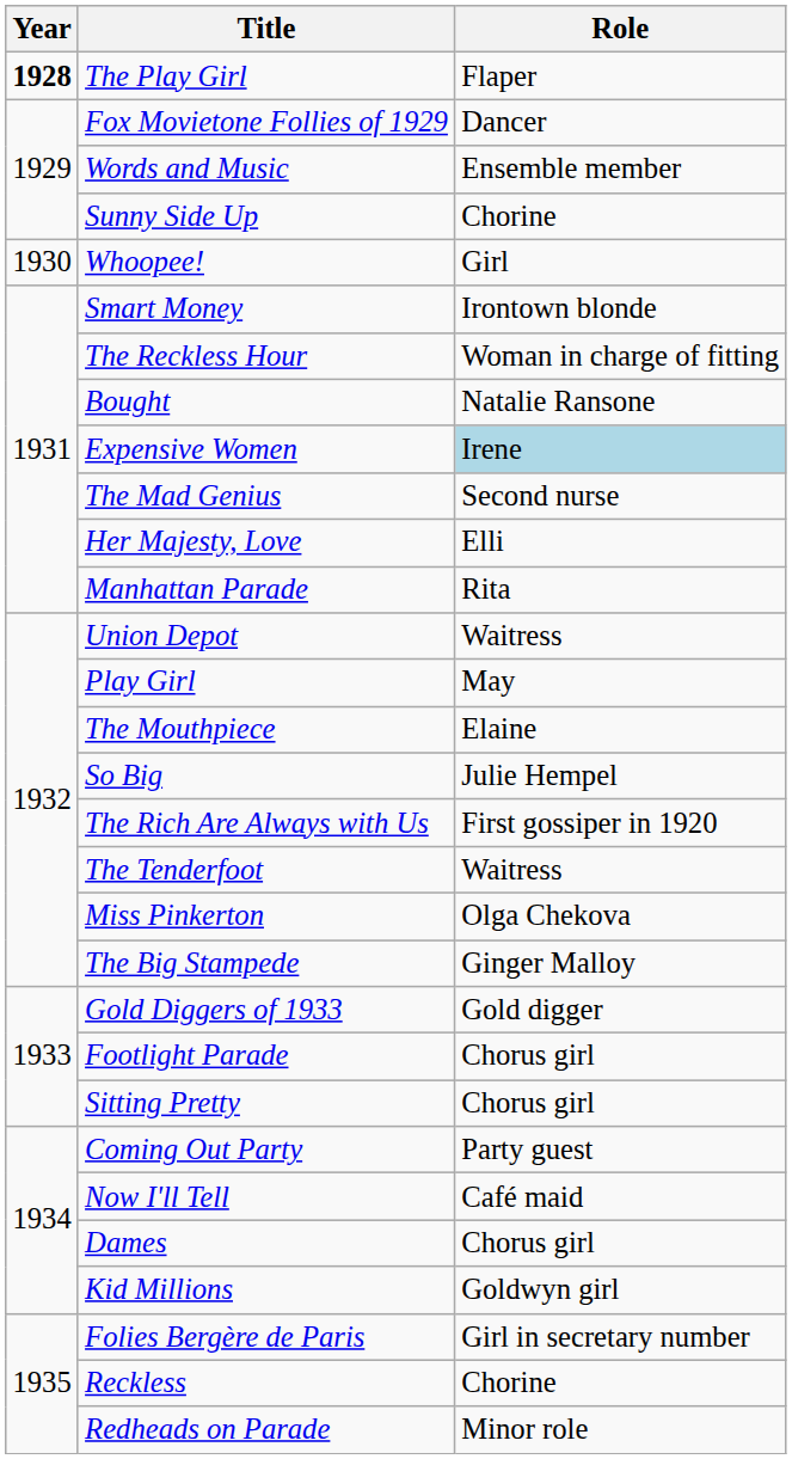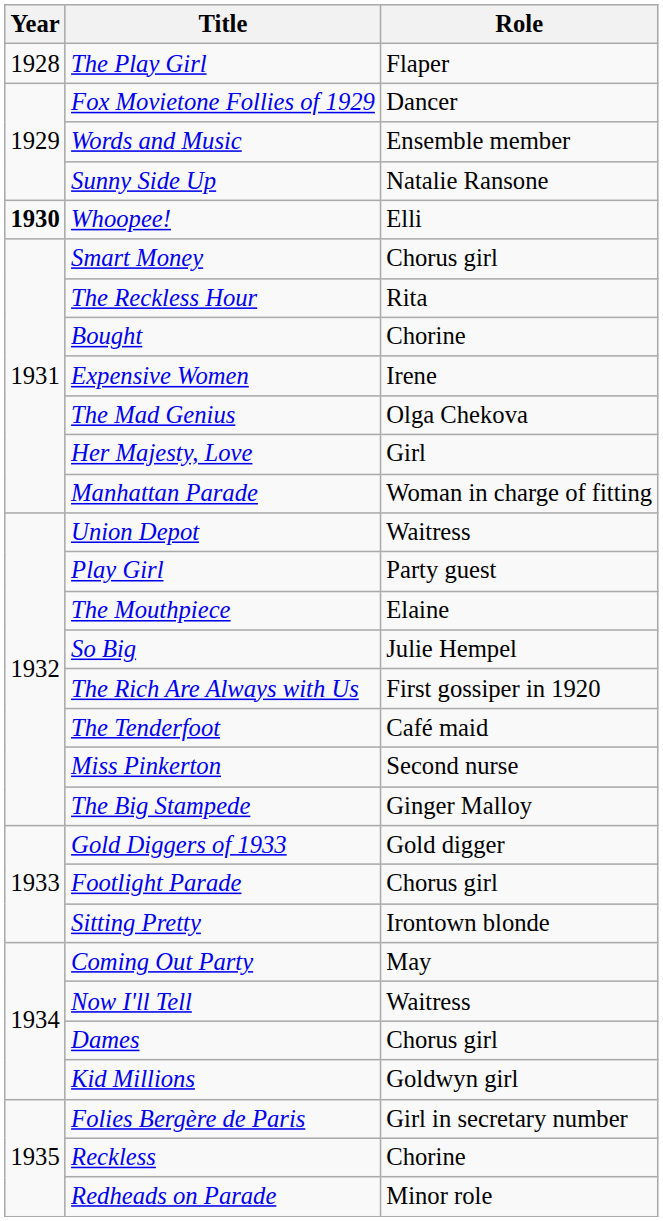 <table class="wikitable sortable">
 <tr>
 <th>Year</th>
 <th>Title</th>
 <th>Role</th>
 </tr>
 <tr>
-<td><strong>1928</strong></td>
+<td>1928</td>
 <td><em><a href='#'>The Play Girl</a></em></td>
 <td>Flaper</td>
 </tr>
 <tr>
 <td rowspan=3>1929</td>
 <td><em><a href='#'>Fox Movietone Follies of 1929</a></em></td>
 <td>Dancer</td>
 </tr>
 <tr>
 <td><em><a href='#'>Words and Music</a></em></td>
 <td>Ensemble member</td>
 </tr>
 <tr>
 <td><em><a href='#'>Sunny Side Up</a></em></td>
-<td>Chorine</td>
+<td>Natalie Ransone</td>
 </tr>
 <tr>
-<td>1930</td>
+<td><strong>1930</strong></td>
 <td><em><a href='#'>Whoopee!</a></em></td>
-<td>Girl</td>
+<td>Elli</td>
 </tr>
 <tr>
 <td rowspan=7>1931</td>
 <td><em><a href='#'>Smart Money</a></em></td>
-<td>Irontown blonde</td>
+<td>Chorus girl</td>
 </tr>
 <tr>
 <td><em><a href='#'>The Reckless Hour</a></em></td>
-<td>Woman in charge of fitting</td>
+<td>Rita</td>
 </tr>
 <tr>
 <td><em><a href='#'>Bought</a></em></td>
-<td>Natalie Ransone</td>
+<td>Chorine</td>
 </tr>
 <tr>
 <td><em><a href='#'>Expensive Women</a></em></td>
-<td style="background: lightblue;">Irene</td>
+<td>Irene</td>
 </tr>
 <tr>
 <td><em><a href='#'>The Mad Genius</a></em></td>
-<td>Second nurse</td>
+<td>Olga Chekova</td>
 </tr>
 <tr>
 <td><em><a href='#'>Her Majesty, Love</a></em></td>
-<td>Elli</td>
+<td>Girl</td>
 </tr>
 <tr>
 <td><em><a href='#'>Manhattan Parade</a></em></td>
-<td>Rita</td>
+<td>Woman in charge of fitting</td>
 </tr>
 <tr>
 <td rowspan=8>1932</td>
 <td><em><a href='#'>Union Depot</a></em></td>
 <td>Waitress</td>
 </tr>
 <tr>
 <td><em><a href='#'>Play Girl</a></em></td>
-<td>May</td>
+<td>Party guest</td>
 </tr>
 <tr>
 <td><em><a href='#'>The Mouthpiece</a></em></td>
 <td>Elaine</td>
 </tr>
 <tr>
 <td><em><a href='#'>So Big</a></em></td>
 <td>Julie Hempel</td>
 </tr>
 <tr>
 <td><em><a href='#'>The Rich Are Always with Us</a></em></td>
 <td>First gossiper in 1920</td>
 </tr>
 <tr>
 <td><em><a href='#'>The Tenderfoot</a></em></td>
-<td>Waitress</td>
+<td>Café maid</td>
 </tr>
 <tr>
 <td><em><a href='#'>Miss Pinkerton</a></em></td>
-<td>Olga Chekova</td>
+<td>Second nurse</td>
 </tr>
 <tr>
 <td><em><a href='#'>The Big Stampede</a></em></td>
 <td>Ginger Malloy</td>
 </tr>
 <tr>
 <td rowspan=3>1933</td>
 <td><em><a href='#'>Gold Diggers of 1933</a></em></td>
 <td>Gold digger</td>
 </tr>
 <tr>
 <td><em><a href='#'>Footlight Parade</a></em></td>
 <td>Chorus girl</td>
 </tr>
 <tr>
 <td><em><a href='#'>Sitting Pretty</a></em></td>
-<td>Chorus girl</td>
+<td>Irontown blonde</td>
 </tr>
 <tr>
 <td rowspan=4>1934</td>
 <td><em><a href='#'>Coming Out Party</a></em></td>
-<td>Party guest</td>
+<td>May</td>
 </tr>
 <tr>
 <td><em><a href='#'>Now I'll Tell</a></em></td>
-<td>Café maid</td>
+<td>Waitress</td>
 </tr>
 <tr>
 <td><em><a href='#'>Dames</a></em></td>
 <td>Chorus girl</td>
 </tr>
 <tr>
 <td><em><a href='#'>Kid Millions</a></em></td>
 <td>Goldwyn girl</td>
 </tr>
 <tr>
 <td rowspan=3>1935</td>
 <td><em><a href='#'>Folies Bergère de Paris</a></em></td>
 <td>Girl in secretary number</td>
 </tr>
 <tr>
 <td><em><a href='#'>Reckless</a></em></td>
 <td>Chorine</td>
 </tr>
 <tr>
 <td><em><a href='#'>Redheads on Parade</a></em></td>
 <td>Minor role</td>
 </tr>
 </table>
